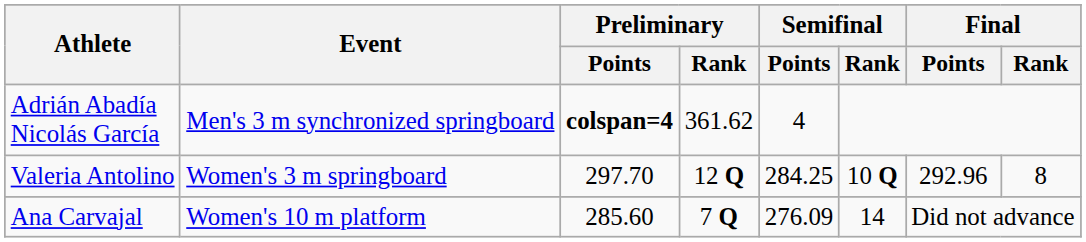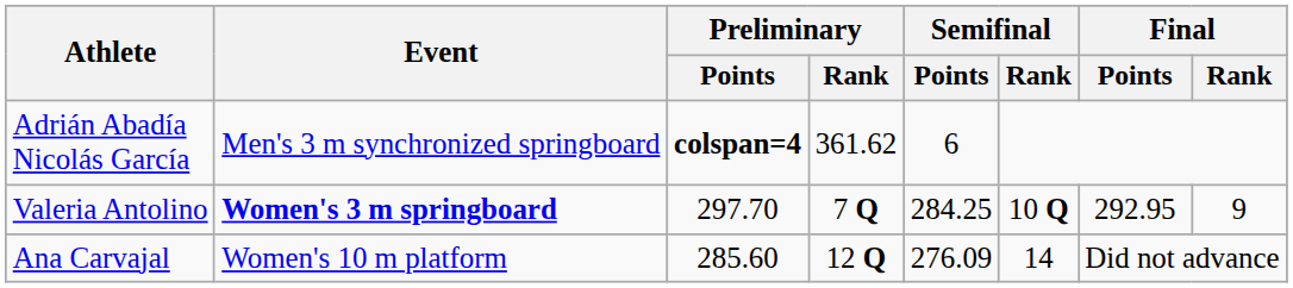 <table class=wikitable style=font-size:90%;text-align:center>
 <tr>
 <th rowspan=2>Athlete</th>
 <th rowspan=2>Event</th>
 <th colspan=2>Preliminary</th>
 <th colspan=2>Semifinal</th>
 <th colspan=2>Final</th>
 </tr>
 <tr style=font-size:95%>
 <th>Points</th>
 <th>Rank</th>
 <th>Points</th>
 <th>Rank</th>
 <th>Points</th>
 <th>Rank</th>
 </tr>
 <tr align=center>
 <td align=left><a href='#'>Adrián Abadía</a><br><a href='#'>Nicolás García</a></td>
 <td align=left><a href='#'>Men's 3 m synchronized springboard</a></td>
 <td><strong>colspan=4 </strong></td>
 <td>361.62</td>
-<td>4</td>
+<td>6</td>
 </tr>
 <tr align=center>
 <td align=left><a href='#'>Valeria Antolino</a></td>
-<td align=left><a href='#'>Women's 3 m springboard</a></td>
+<td align=left><strong><a href='#'>Women's 3 m springboard</a></strong></td>
 <td>297.70</td>
-<td>12 <strong>Q</strong></td>
+<td>7 <strong>Q</strong></td>
 <td>284.25</td>
 <td>10 <strong>Q</strong></td>
-<td>292.96</td>
-<td>8</td>
+<td>292.95</td>
+<td>9</td>
 </tr>
 <tr align=center>
 <td align=left><a href='#'>Ana Carvajal</a></td>
 <td align=left><a href='#'>Women's 10 m platform</a></td>
 <td>285.60</td>
-<td>7 <strong>Q</strong></td>
+<td>12 <strong>Q</strong></td>
 <td>276.09</td>
 <td>14</td>
 <td colspan=2>Did not advance</td>
 </tr>
 </table>
